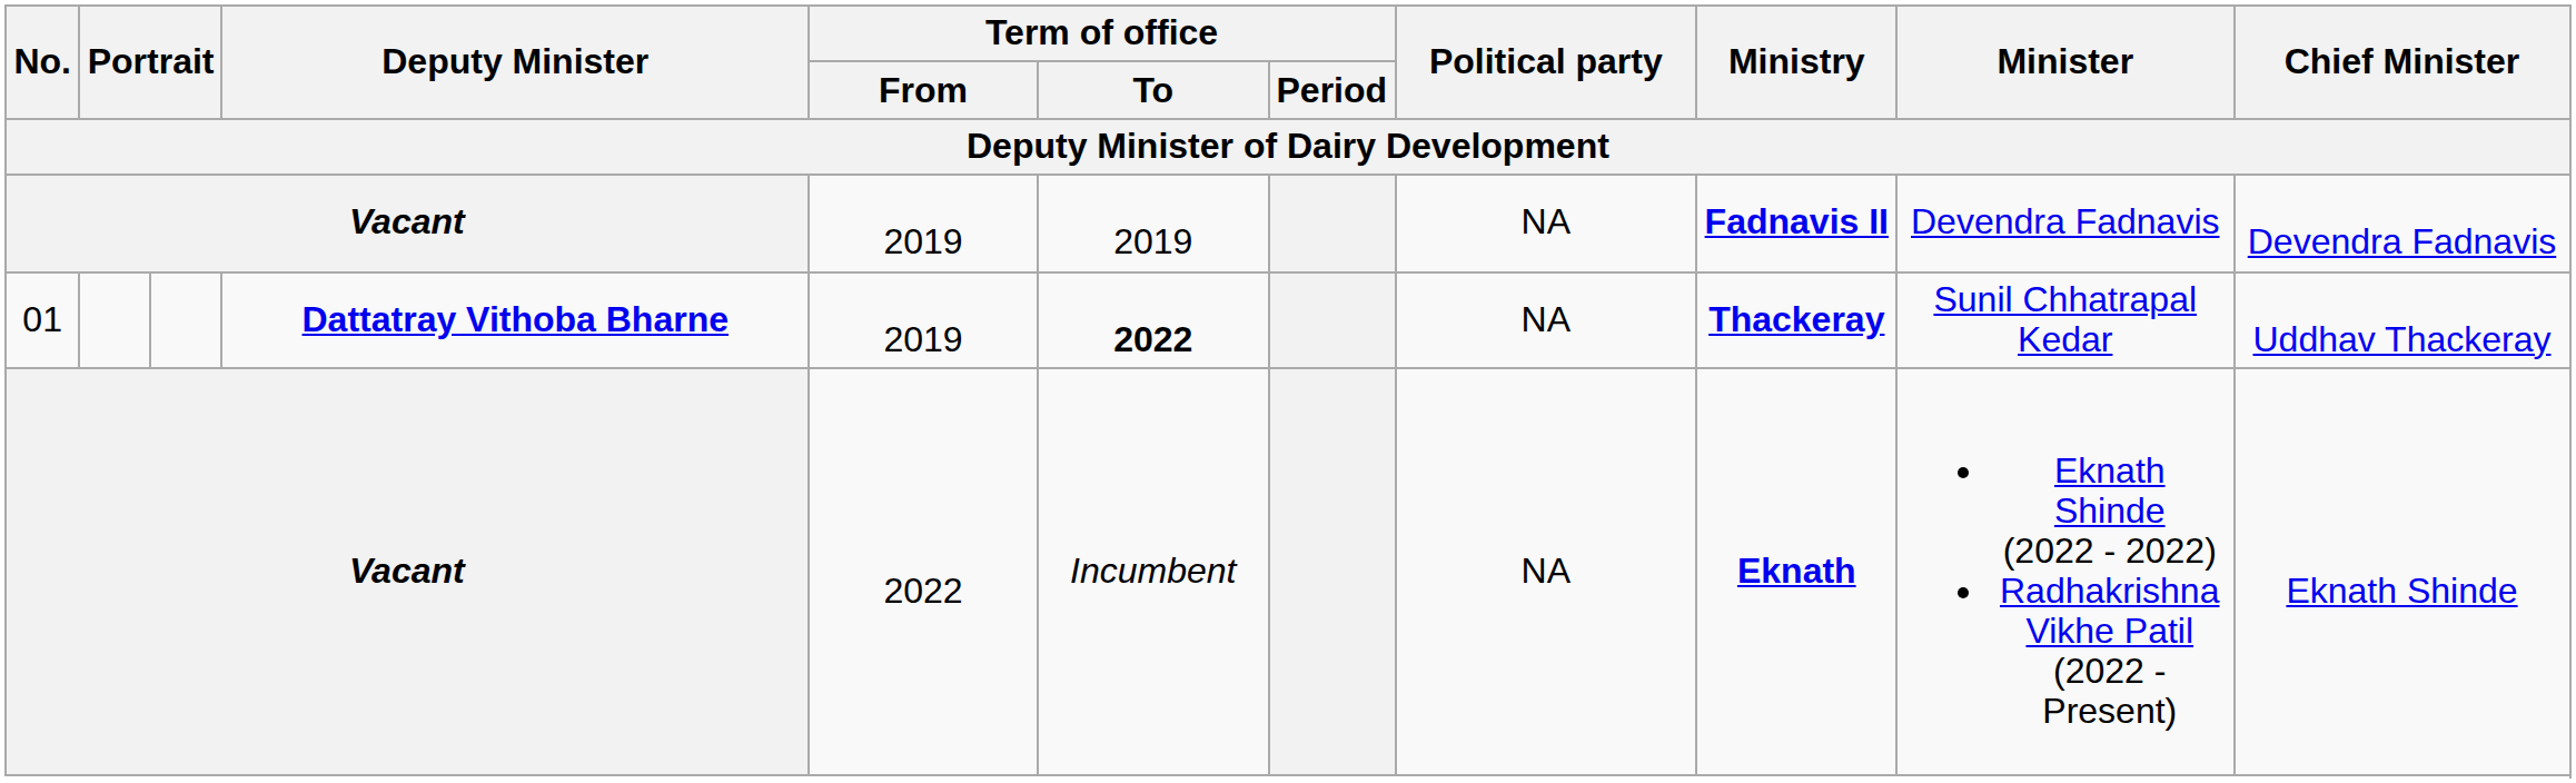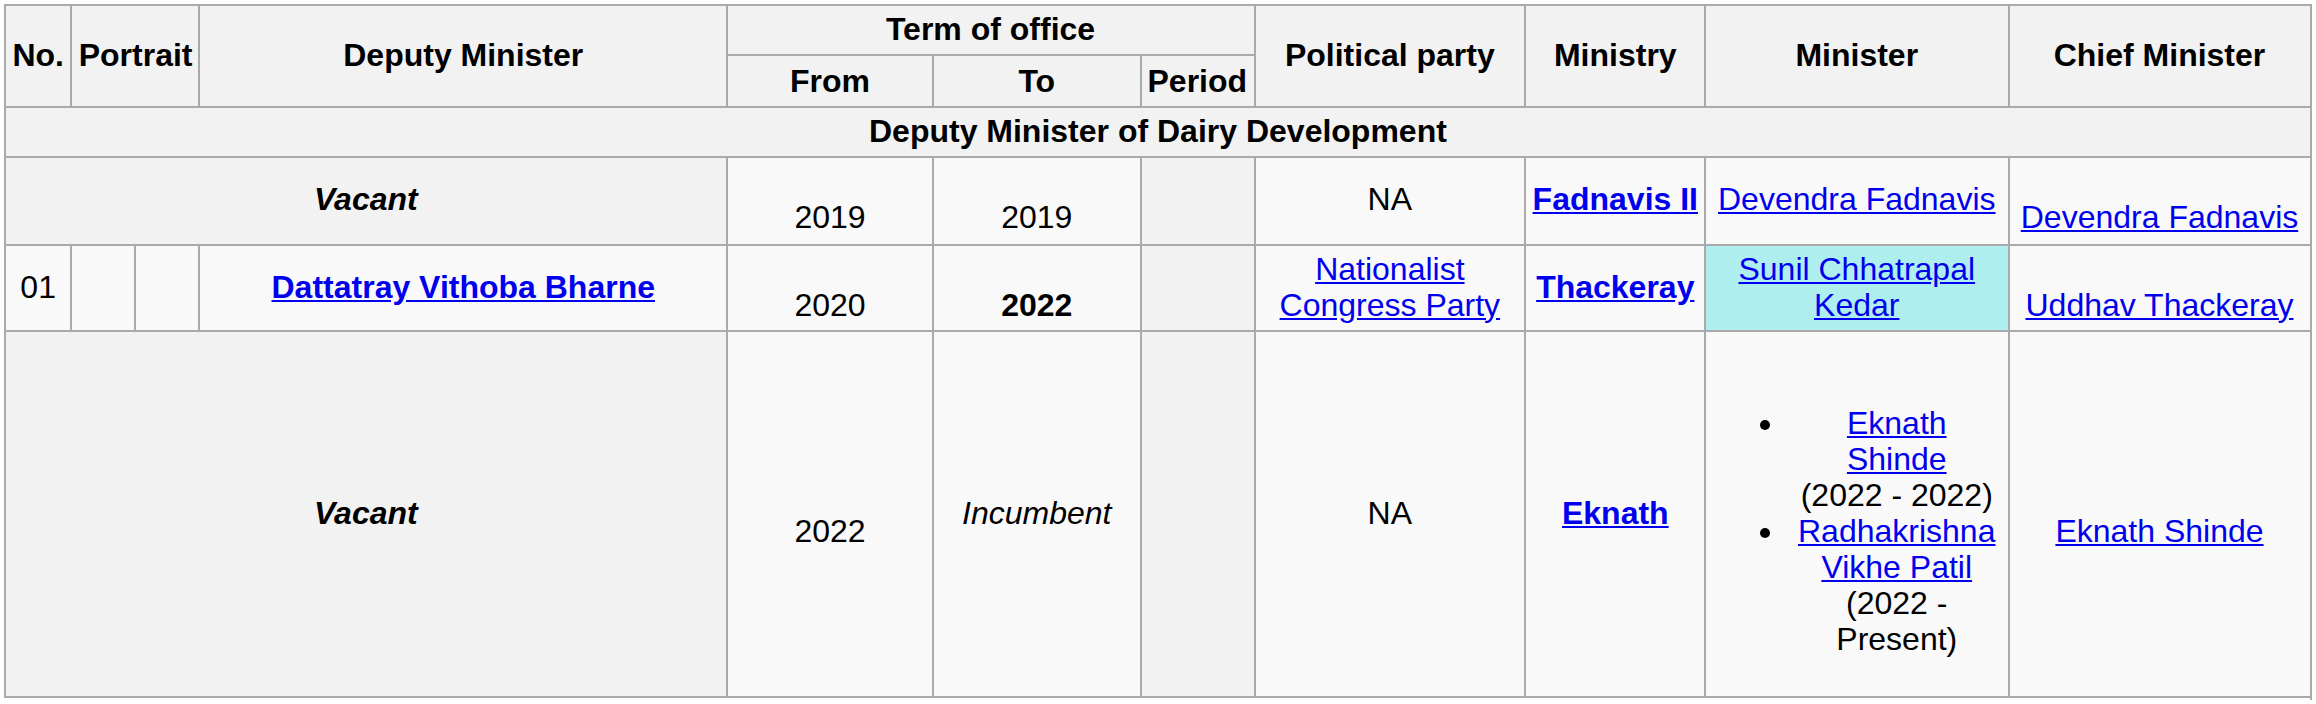 <table class="wikitable" style="text-align:center">
 <tr>
 <th rowspan="2">No.</th>
 <th rowspan="2" colspan="2">Portrait</th>
 <th rowspan="2" style="width:16em">Deputy Minister<br></th>
 <th colspan="3">Term of office</th>
 <th rowspan="2" style="width:8em">Political party</th>
 <th rowspan="2">Ministry</th>
 <th rowspan="2" style="width:9em">Minister</th>
 <th rowspan="2" style="width:9em">Chief Minister</th>
 </tr>
 <tr>
 <th style="width:6em">From</th>
 <th style="width:6em">To</th>
 <th>Period</th>
 </tr>
 <tr>
 <th colspan="11">Deputy Minister of Dairy Development</th>
 </tr>
 <tr>
 <th colspan="04"><strong><em>Vacant</em></strong></th>
 <td><br>2019</td>
 <td><br>2019</td>
 <th></th>
 <td>NA</td>
 <td rowspan="1"><a href='#'><strong>Fadnavis II</strong></a></td>
 <td><a href='#'>Devendra Fadnavis</a></td>
 <td rowspan="1"> <br><a href='#'>Devendra Fadnavis</a></td>
 </tr>
 <tr>
 <td>01</td>
 <td style="color:inherit;background:"></td>
 <td></td>
 <td><strong><a href='#'>Dattatray Vithoba Bharne</a></strong> <br> </td>
-<td><br>2019</td>
+<td><br>2020</td>
 <td><strong><br>2022</strong></td>
 <th></th>
-<td>NA</td>
+<td><a href='#'>Nationalist Congress Party</a></td>
 <td rowspan="1"><a href='#'><strong>Thackeray</strong></a></td>
-<td><a href='#'>Sunil Chhatrapal Kedar</a></td>
+<td style="background: paleturquoise;"><a href='#'>Sunil Chhatrapal Kedar</a></td>
 <td rowspan="1"> <br><a href='#'>Uddhav Thackeray</a></td>
 </tr>
 <tr>
 <th colspan="04"><strong><em>Vacant </em></strong></th>
 <td><br>2022</td>
 <td><em>Incumbent</em></td>
 <th></th>
 <td>NA</td>
 <td rowspan="2"><a href='#'><strong>Eknath</strong></a></td>
 <td><br><ul><li><a href='#'>Eknath Shinde</a><br>(2022 - 2022)</li><li><a href='#'>Radhakrishna Vikhe Patil</a><br> (2022 - Present)</li></ul></td>
 <td rowspan="2"> <br><a href='#'>Eknath Shinde</a></td>
 </tr>
 <tr>
 </tr>
 </table>
